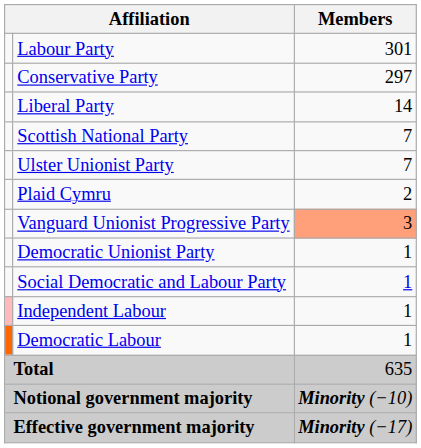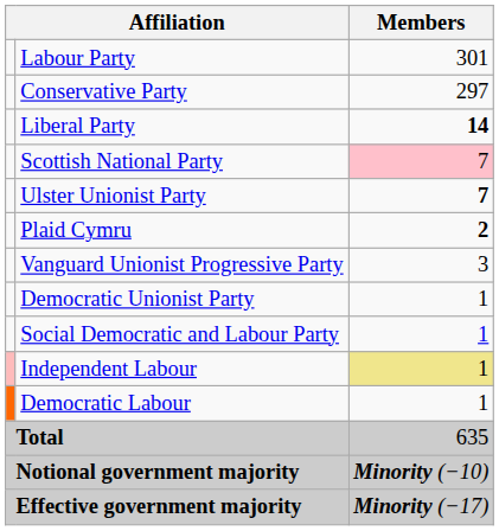 <table class="wikitable">
 <tr>
 <th colspan="2">Affiliation</th>
 <th>Members</th>
 </tr>
 <tr>
 <td style="color:inherit;background:"></td>
 <td><a href='#'>Labour Party</a></td>
 <td align="right">301</td>
 </tr>
 <tr>
 <td style="color:inherit;background:"></td>
 <td><a href='#'>Conservative Party</a></td>
 <td align="right">297</td>
 </tr>
 <tr>
 <td style="color:inherit;background:"></td>
 <td><a href='#'>Liberal Party</a></td>
-<td align="right">14</td>
+<td align="right"><strong>14</strong></td>
 </tr>
 <tr>
 <td style="color:inherit;background:"></td>
 <td><a href='#'>Scottish National Party</a></td>
-<td align="right">7</td>
+<td align="right" style="background: pink;">7</td>
 </tr>
 <tr>
 <td style="color:inherit;background:"></td>
 <td><a href='#'>Ulster Unionist Party</a></td>
-<td align="right">7</td>
+<td align="right"><strong>7</strong></td>
 </tr>
 <tr>
 <td style="color:inherit;background:"></td>
 <td><a href='#'>Plaid Cymru</a></td>
-<td align="right">2</td>
+<td align="right"><strong>2</strong></td>
 </tr>
 <tr>
 <td style="color:inherit;background:"></td>
 <td><a href='#'>Vanguard Unionist Progressive Party</a></td>
-<td align="right" style="background: lightsalmon;">3</td>
+<td align="right">3</td>
 </tr>
 <tr>
 <td style="color:inherit;background:"></td>
 <td><a href='#'>Democratic Unionist Party</a></td>
 <td align="right">1</td>
 </tr>
 <tr>
 <td style="color:inherit;background:"></td>
 <td><a href='#'>Social Democratic and Labour Party</a></td>
 <td align="right"><a href='#'>1</a></td>
 </tr>
 <tr>
 <td bgcolor="FFBBBB"></td>
 <td><a href='#'>Independent Labour</a></td>
-<td align="right">1</td>
+<td align="right" style="background: khaki;">1</td>
 </tr>
 <tr>
 <td bgcolor="FF6600"></td>
 <td><a href='#'>Democratic Labour</a></td>
 <td align="right">1</td>
 </tr>
 <tr bgcolor="CCCCCC">
 <td colspan="2" rowspan="1"> <strong>Total</strong></td>
 <td align="right">635</td>
 </tr>
 <tr bgcolor="CCCCCC">
 <td colspan="2" rowspan="1"> <strong>Notional government majority</strong></td>
 <td align="right"><strong><em>Minority</em></strong> <em>(−10)</em></td>
 </tr>
 <tr bgcolor="CCCCCC">
 <td colspan="2" rowspan="1"> <strong>Effective government majority</strong></td>
 <td align="right"><strong><em>Minority</em></strong> <em>(−17)</em></td>
 </tr>
 </table>
